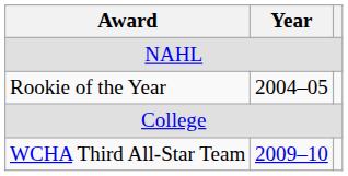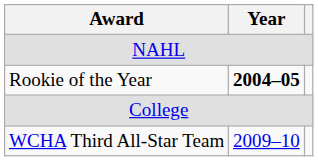 <table class="wikitable">
 <tr>
 <th>Award</th>
 <th>Year</th>
 <th></th>
 </tr>
 <tr ALIGN="center" bgcolor="#e0e0e0">
 <td colspan="3"><a href='#'>NAHL</a></td>
 </tr>
 <tr>
 <td>Rookie of the Year</td>
-<td>2004–05</td>
+<td><strong>2004–05</strong></td>
 <td></td>
 </tr>
 <tr ALIGN="center" bgcolor="#e0e0e0">
 <td colspan="3"><a href='#'>College</a></td>
 </tr>
 <tr>
 <td><a href='#'>WCHA</a> Third All-Star Team</td>
 <td><a href='#'>2009–10</a></td>
 <td></td>
 </tr>
 </table>
